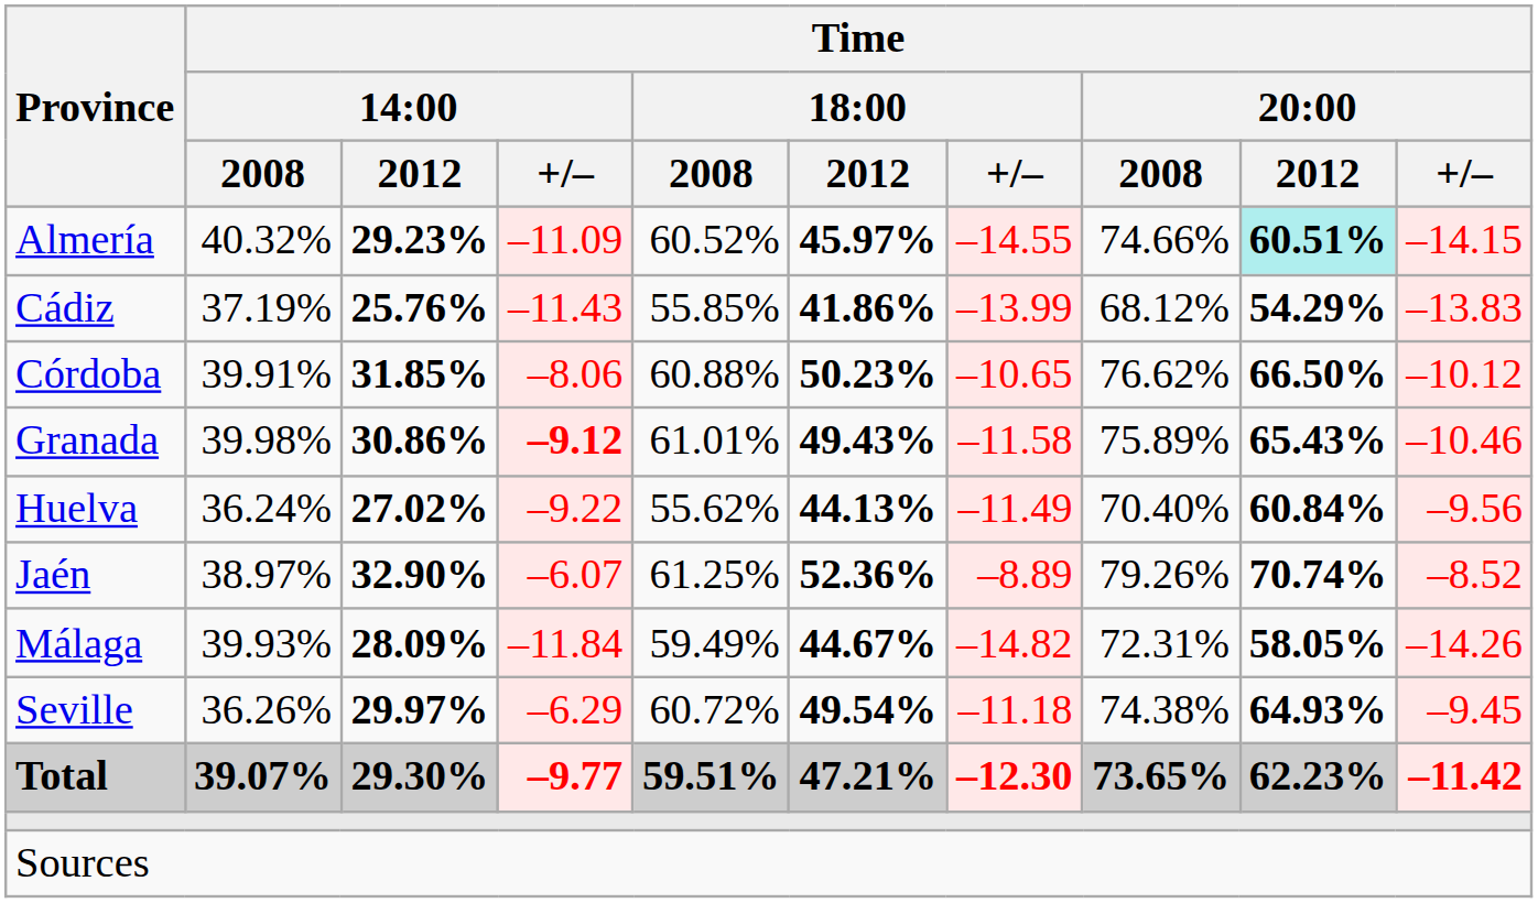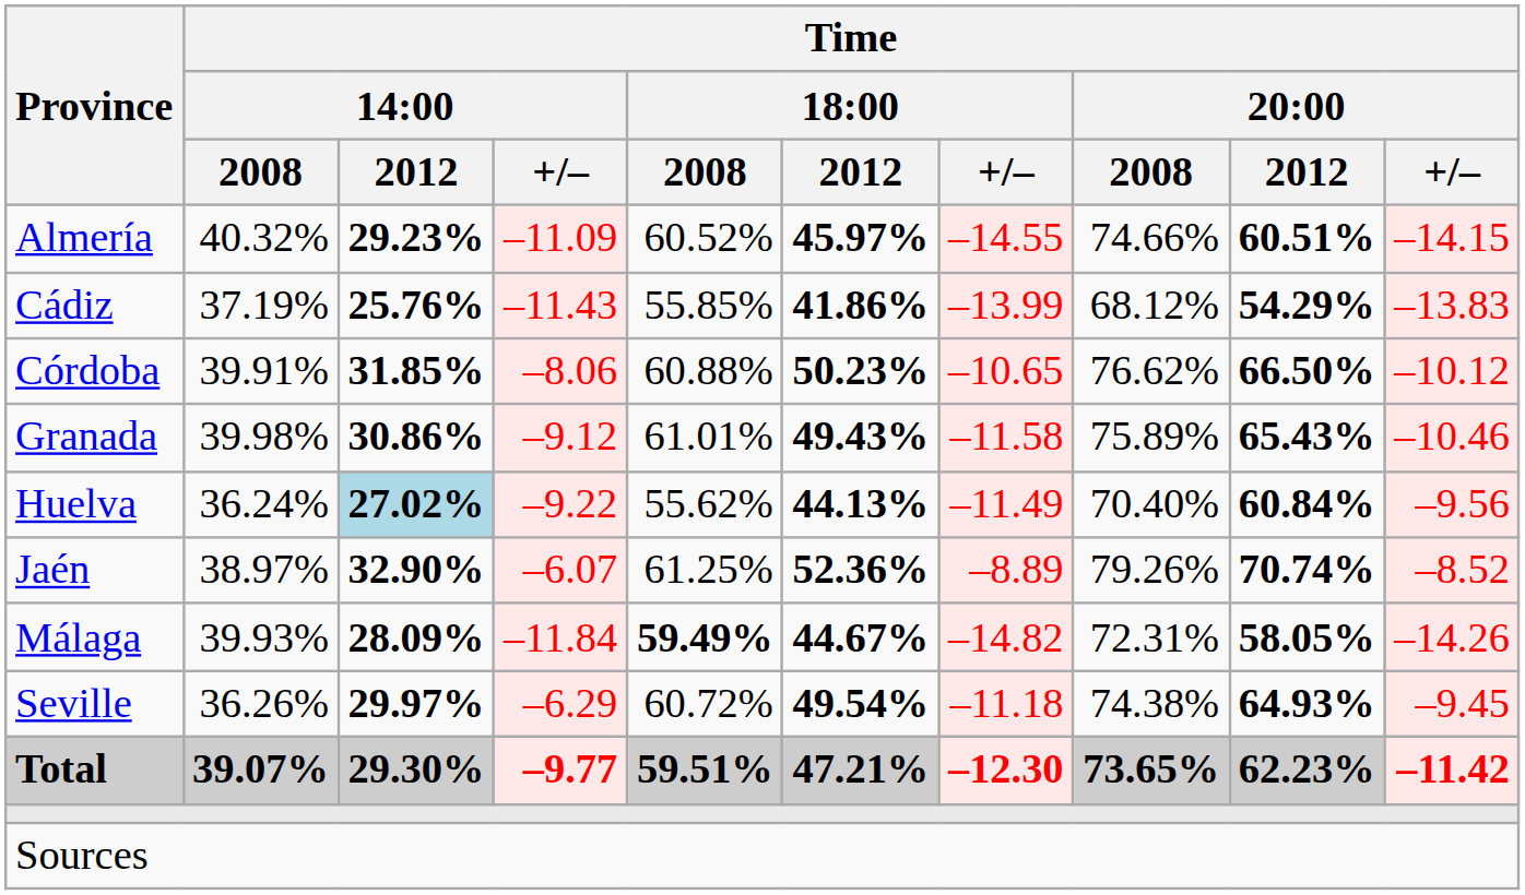 <table class="wikitable sortable" style="text-align:right;">
 <tr>
 <th rowspan="3">Province</th>
 <th colspan="10">Time</th>
 </tr>
 <tr>
 <th colspan="3">14:00</th>
 <th colspan="3">18:00</th>
 <th colspan="3">20:00</th>
 </tr>
 <tr>
 <th>2008</th>
 <th>2012</th>
 <th>+/–</th>
 <th>2008</th>
 <th>2012</th>
 <th>+/–</th>
 <th>2008</th>
 <th>2012</th>
 <th>+/–</th>
 </tr>
 <tr>
 <td align="left"><a href='#'>Almería</a></td>
 <td>40.32%</td>
 <td><strong>29.23%</strong></td>
 <td style="background:#FFE8E8; color:red;">–11.09</td>
 <td>60.52%</td>
 <td><strong>45.97%</strong></td>
 <td style="background:#FFE8E8; color:red;">–14.55</td>
 <td>74.66%</td>
-<td style="background: paleturquoise;"><strong>60.51%</strong></td>
+<td><strong>60.51%</strong></td>
 <td style="background:#FFE8E8; color:red;">–14.15</td>
 </tr>
 <tr>
 <td align="left"><a href='#'>Cádiz</a></td>
 <td>37.19%</td>
 <td><strong>25.76%</strong></td>
 <td style="background:#FFE8E8; color:red;">–11.43</td>
 <td>55.85%</td>
 <td><strong>41.86%</strong></td>
 <td style="background:#FFE8E8; color:red;">–13.99</td>
 <td>68.12%</td>
 <td><strong>54.29%</strong></td>
 <td style="background:#FFE8E8; color:red;">–13.83</td>
 </tr>
 <tr>
 <td align="left"><a href='#'>Córdoba</a></td>
 <td>39.91%</td>
 <td><strong>31.85%</strong></td>
 <td style="background:#FFE8E8; color:red;">–8.06</td>
 <td>60.88%</td>
 <td><strong>50.23%</strong></td>
 <td style="background:#FFE8E8; color:red;">–10.65</td>
 <td>76.62%</td>
 <td><strong>66.50%</strong></td>
 <td style="background:#FFE8E8; color:red;">–10.12</td>
 </tr>
 <tr>
 <td align="left"><a href='#'>Granada</a></td>
 <td>39.98%</td>
 <td><strong>30.86%</strong></td>
-<td style="background:#FFE8E8; color:red;"><strong>–9.12</strong></td>
+<td style="background:#FFE8E8; color:red;">–9.12</td>
 <td>61.01%</td>
 <td><strong>49.43%</strong></td>
 <td style="background:#FFE8E8; color:red;">–11.58</td>
 <td>75.89%</td>
 <td><strong>65.43%</strong></td>
 <td style="background:#FFE8E8; color:red;">–10.46</td>
 </tr>
 <tr>
 <td align="left"><a href='#'>Huelva</a></td>
 <td>36.24%</td>
-<td><strong>27.02%</strong></td>
+<td style="background: lightblue;"><strong>27.02%</strong></td>
 <td style="background:#FFE8E8; color:red;">–9.22</td>
 <td>55.62%</td>
 <td><strong>44.13%</strong></td>
 <td style="background:#FFE8E8; color:red;">–11.49</td>
 <td>70.40%</td>
 <td><strong>60.84%</strong></td>
 <td style="background:#FFE8E8; color:red;">–9.56</td>
 </tr>
 <tr>
 <td align="left"><a href='#'>Jaén</a></td>
 <td>38.97%</td>
 <td><strong>32.90%</strong></td>
 <td style="background:#FFE8E8; color:red;">–6.07</td>
 <td>61.25%</td>
 <td><strong>52.36%</strong></td>
 <td style="background:#FFE8E8; color:red;">–8.89</td>
 <td>79.26%</td>
 <td><strong>70.74%</strong></td>
 <td style="background:#FFE8E8; color:red;">–8.52</td>
 </tr>
 <tr>
 <td align="left"><a href='#'>Málaga</a></td>
 <td>39.93%</td>
 <td><strong>28.09%</strong></td>
 <td style="background:#FFE8E8; color:red;">–11.84</td>
-<td>59.49%</td>
+<td><strong>59.49%</strong></td>
 <td><strong>44.67%</strong></td>
 <td style="background:#FFE8E8; color:red;">–14.82</td>
 <td>72.31%</td>
 <td><strong>58.05%</strong></td>
 <td style="background:#FFE8E8; color:red;">–14.26</td>
 </tr>
 <tr>
 <td align="left"><a href='#'>Seville</a></td>
 <td>36.26%</td>
 <td><strong>29.97%</strong></td>
 <td style="background:#FFE8E8; color:red;">–6.29</td>
 <td>60.72%</td>
 <td><strong>49.54%</strong></td>
 <td style="background:#FFE8E8; color:red;">–11.18</td>
 <td>74.38%</td>
 <td><strong>64.93%</strong></td>
 <td style="background:#FFE8E8; color:red;">–9.45</td>
 </tr>
 <tr style="background:#CDCDCD;">
 <td align="left"><strong>Total</strong></td>
 <td><strong>39.07%</strong></td>
 <td><strong>29.30%</strong></td>
 <td style="background:#FFE8E8; color:red;"><strong>–9.77</strong></td>
 <td><strong>59.51%</strong></td>
 <td><strong>47.21%</strong></td>
 <td style="background:#FFE8E8; color:red;"><strong>–12.30</strong></td>
 <td><strong>73.65%</strong></td>
 <td><strong>62.23%</strong></td>
 <td style="background:#FFE8E8; color:red;"><strong>–11.42</strong></td>
 </tr>
 <tr>
 <td colspan="10" bgcolor="#E9E9E9"></td>
 </tr>
 <tr>
 <td align="left" colspan="10">Sources</td>
 </tr>
 </table>
